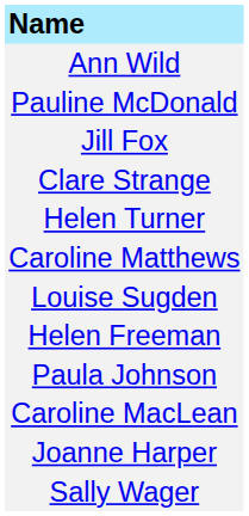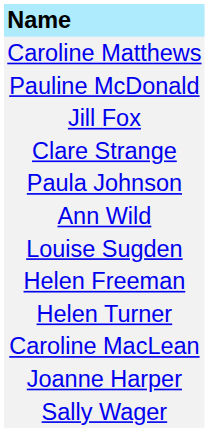 <table border=0 cellpadding=2 cellspacing=0  |- bgcolor=#F2F2F2 style="text-align:center; font-size:90%;">
 <tr bgcolor=#ADEBFD>
 <th align=left>Name</th>
 </tr>
 <tr>
-<td><a href='#'>Ann Wild</a></td>
+<td><a href='#'>Caroline Matthews</a></td>
 </tr>
 <tr>
 <td><a href='#'>Pauline McDonald</a></td>
 </tr>
 <tr>
 <td><a href='#'>Jill Fox</a></td>
 </tr>
 <tr>
 <td><a href='#'>Clare Strange</a></td>
 </tr>
 <tr>
-<td><a href='#'>Helen Turner</a></td>
+<td><a href='#'>Paula Johnson</a></td>
 </tr>
 <tr>
-<td><a href='#'>Caroline Matthews</a></td>
+<td><a href='#'>Ann Wild</a></td>
 </tr>
 <tr>
 <td><a href='#'>Louise Sugden</a></td>
 </tr>
 <tr>
 <td><a href='#'>Helen Freeman</a></td>
 </tr>
 <tr>
-<td><a href='#'>Paula Johnson</a></td>
+<td><a href='#'>Helen Turner</a></td>
 </tr>
 <tr>
 <td><a href='#'>Caroline MacLean</a></td>
 </tr>
 <tr>
 <td><a href='#'>Joanne Harper</a></td>
 </tr>
 <tr>
 <td><a href='#'>Sally Wager</a></td>
 </tr>
 </table>
